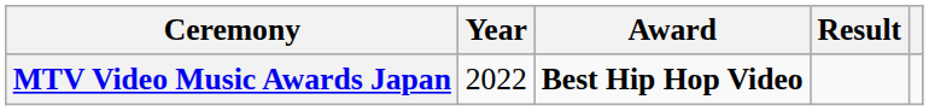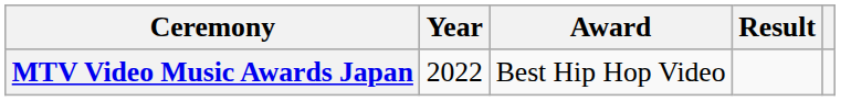 <table class="wikitable plainrowheaders" style=text-align:center>
 <tr>
 <th scope="col">Ceremony</th>
 <th scope="col">Year</th>
 <th scope="col">Award</th>
 <th scope="col">Result</th>
 <th scope="col" class="unsortable"></th>
 </tr>
 <tr>
 <th scope="row"><a href='#'>MTV Video Music Awards Japan</a></th>
 <td rowspan="2">2022</td>
-<td><strong>Best Hip Hop Video</strong></td>
+<td>Best Hip Hop Video</td>
 <td></td>
 <td></td>
 </tr>
 </table>
